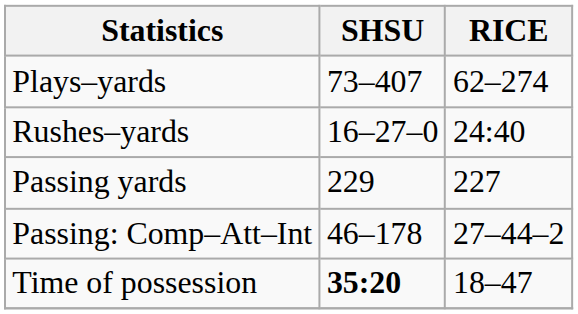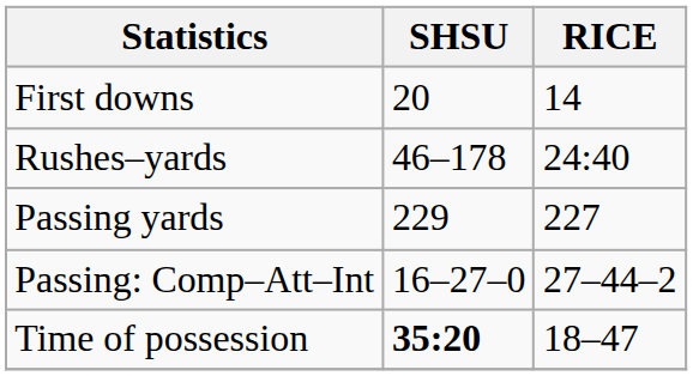 <table class="wikitable" style="float: left;">
 <tr>
 <th>Statistics</th>
 <th>SHSU</th>
 <th>RICE</th>
 </tr>
 <tr>
-<td>Plays–yards</td>
-<td>73–407</td>
-<td>62–274</td>
+<td>First downs</td>
+<td>20</td>
+<td>14</td>
 </tr>
 <tr>
 <td>Rushes–yards</td>
-<td>16–27–0</td>
+<td>46–178</td>
 <td>24:40</td>
 </tr>
 <tr>
 <td>Passing yards</td>
 <td>229</td>
 <td>227</td>
 </tr>
 <tr>
 <td>Passing: Comp–Att–Int</td>
-<td>46–178</td>
+<td>16–27–0</td>
 <td>27–44–2</td>
 </tr>
 <tr>
 <td>Time of possession</td>
 <td><strong>35:20</strong></td>
 <td>18–47</td>
 </tr>
 <tr>
 </tr>
 </table>
